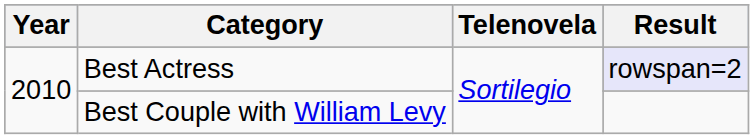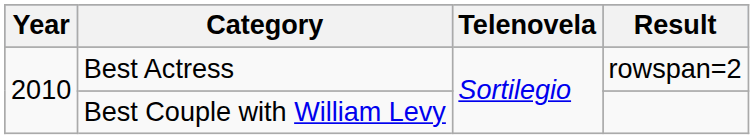 <table class="wikitable">
 <tr style="background:#b0c4de;">
 <th>Year</th>
 <th>Category</th>
 <th>Telenovela</th>
 <th>Result</th>
 </tr>
 <tr>
 <td rowspan=2>2010</td>
 <td>Best Actress</td>
 <td rowspan=2><em><a href='#'>Sortilegio</a></em></td>
-<td style="background: lavender;">rowspan=2 </td>
+<td>rowspan=2 </td>
 </tr>
 <tr>
 <td>Best Couple with <a href='#'>William Levy</a></td>
 </tr>
 </table>
